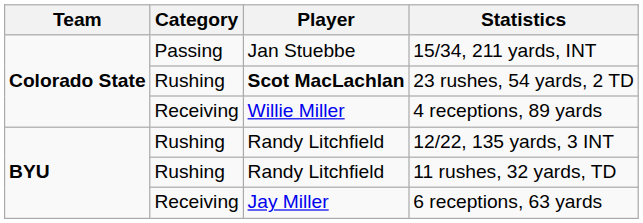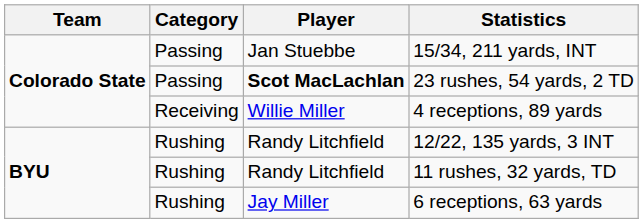 <table class="wikitable" style="float: left;">
 <tr>
 <th>Team</th>
 <th>Category</th>
 <th>Player</th>
 <th>Statistics</th>
 </tr>
 <tr>
 <td rowspan=3><strong>Colorado State</strong></td>
 <td>Passing</td>
 <td>Jan Stuebbe</td>
 <td>15/34, 211 yards, INT</td>
 </tr>
 <tr>
-<td>Rushing</td>
+<td>Passing</td>
 <td><strong>Scot MacLachlan</strong></td>
 <td>23 rushes, 54 yards, 2 TD</td>
 </tr>
 <tr>
 <td>Receiving</td>
 <td><a href='#'>Willie Miller</a></td>
 <td>4 receptions, 89 yards</td>
 </tr>
 <tr>
 <td rowspan=3><strong>BYU</strong></td>
 <td>Rushing</td>
 <td>Randy Litchfield</td>
 <td>12/22, 135 yards, 3 INT</td>
 </tr>
 <tr>
 <td>Rushing</td>
 <td>Randy Litchfield</td>
 <td>11 rushes, 32 yards, TD</td>
 </tr>
 <tr>
-<td>Receiving</td>
+<td>Rushing</td>
 <td><a href='#'>Jay Miller</a></td>
 <td>6 receptions, 63 yards</td>
 </tr>
 </table>
